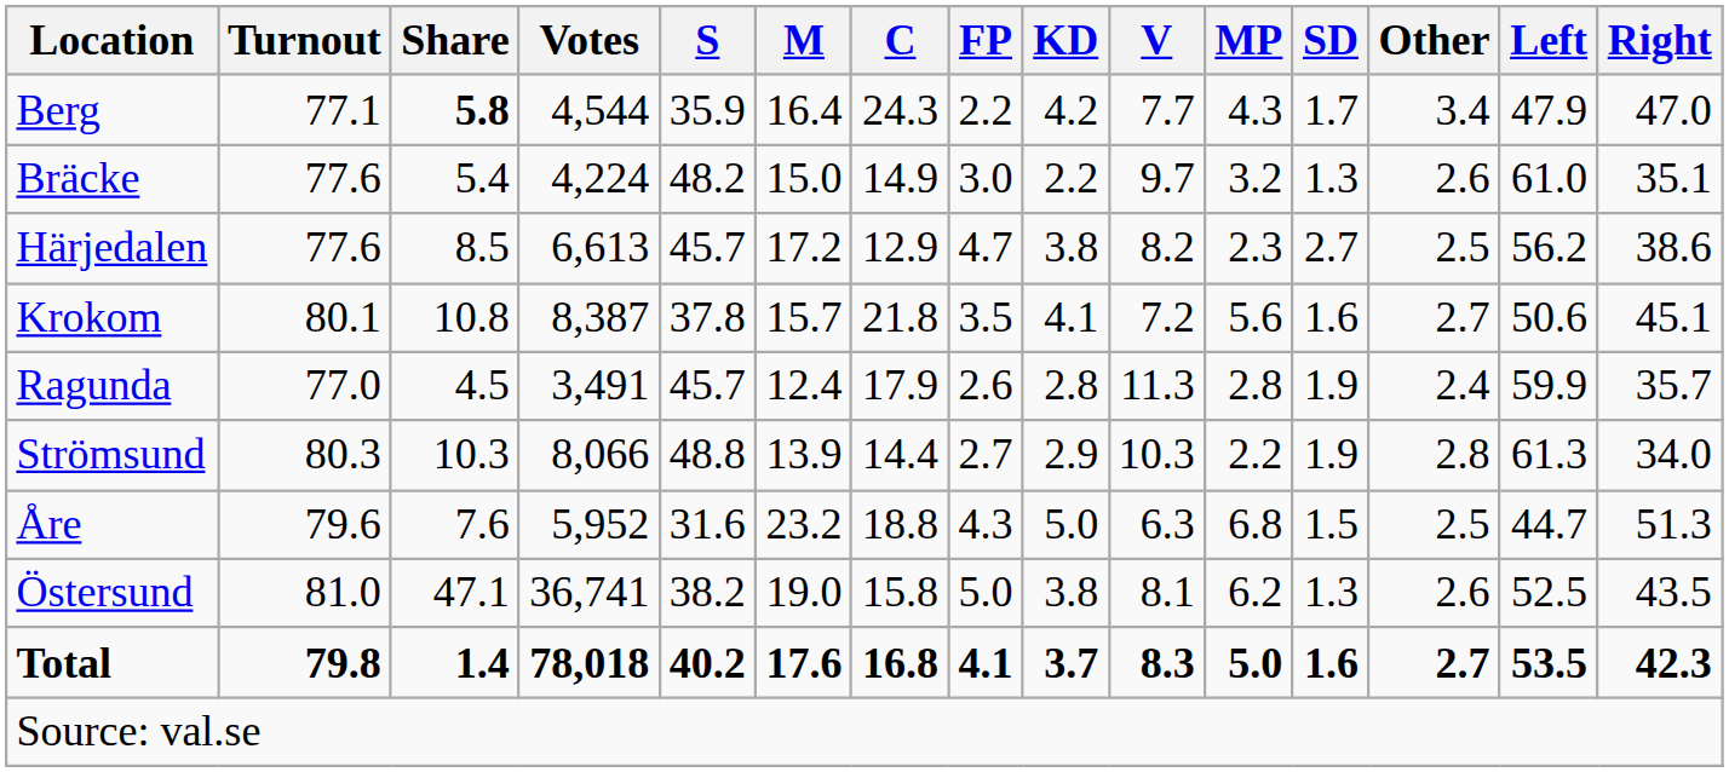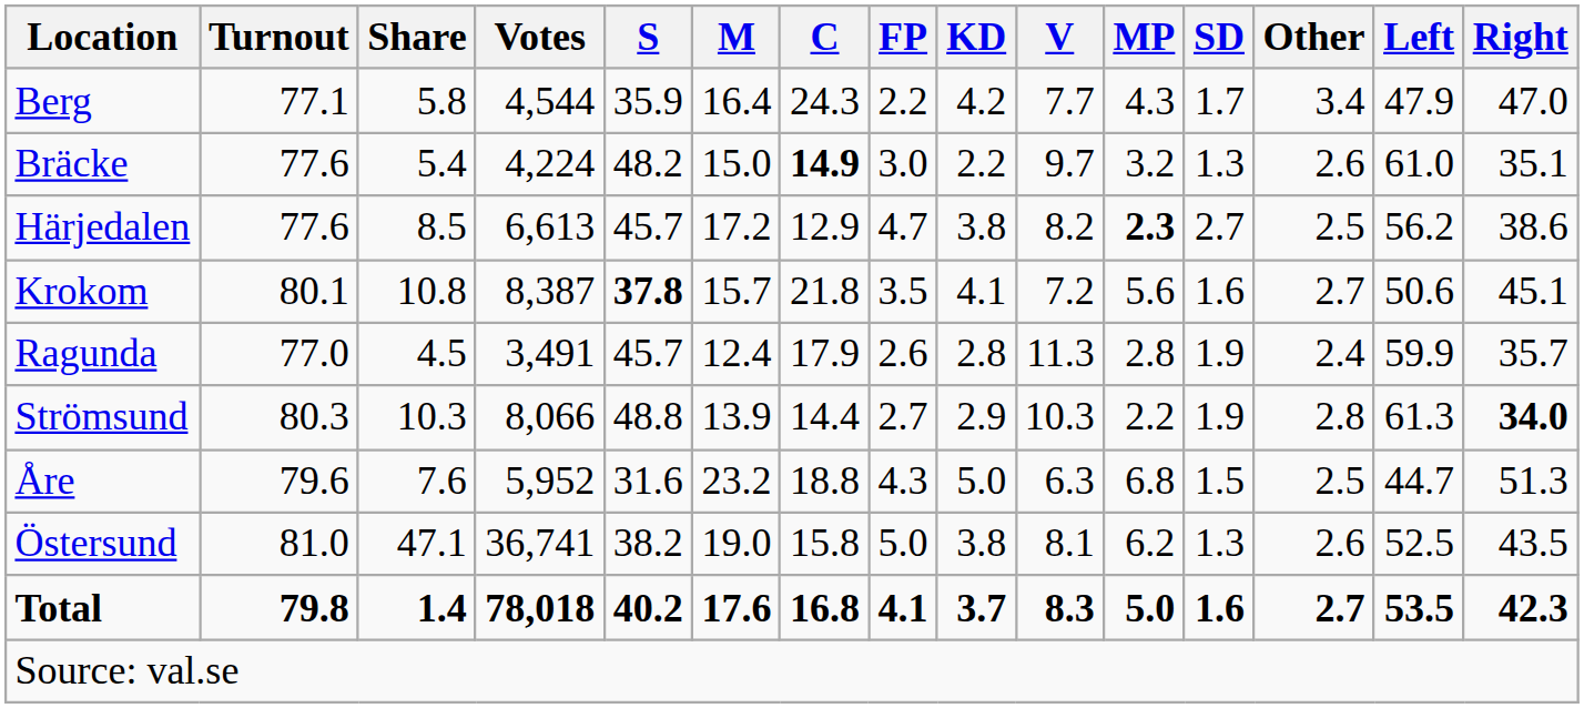 <table class="wikitable sortable" style=text-align:right>
 <tr>
 <th>Location</th>
 <th>Turnout</th>
 <th>Share</th>
 <th>Votes</th>
 <th><a href='#'>S</a></th>
 <th><a href='#'>M</a></th>
 <th><a href='#'>C</a></th>
 <th><a href='#'>FP</a></th>
 <th><a href='#'>KD</a></th>
 <th><a href='#'>V</a></th>
 <th><a href='#'>MP</a></th>
 <th><a href='#'>SD</a></th>
 <th>Other</th>
 <th><a href='#'>Left</a></th>
 <th><a href='#'>Right</a></th>
 </tr>
 <tr>
 <td align=left><a href='#'>Berg</a></td>
 <td>77.1</td>
-<td><strong>5.8</strong></td>
+<td>5.8</td>
 <td>4,544</td>
 <td>35.9</td>
 <td>16.4</td>
 <td>24.3</td>
 <td>2.2</td>
 <td>4.2</td>
 <td>7.7</td>
 <td>4.3</td>
 <td>1.7</td>
 <td>3.4</td>
 <td>47.9</td>
 <td>47.0</td>
 </tr>
 <tr>
 <td align=left><a href='#'>Bräcke</a></td>
 <td>77.6</td>
 <td>5.4</td>
 <td>4,224</td>
 <td>48.2</td>
 <td>15.0</td>
-<td>14.9</td>
+<td><strong>14.9</strong></td>
 <td>3.0</td>
 <td>2.2</td>
 <td>9.7</td>
 <td>3.2</td>
 <td>1.3</td>
 <td>2.6</td>
 <td>61.0</td>
 <td>35.1</td>
 </tr>
 <tr>
 <td align=left><a href='#'>Härjedalen</a></td>
 <td>77.6</td>
 <td>8.5</td>
 <td>6,613</td>
 <td>45.7</td>
 <td>17.2</td>
 <td>12.9</td>
 <td>4.7</td>
 <td>3.8</td>
 <td>8.2</td>
-<td>2.3</td>
+<td><strong>2.3</strong></td>
 <td>2.7</td>
 <td>2.5</td>
 <td>56.2</td>
 <td>38.6</td>
 </tr>
 <tr>
 <td align=left><a href='#'>Krokom</a></td>
 <td>80.1</td>
 <td>10.8</td>
 <td>8,387</td>
-<td>37.8</td>
+<td><strong>37.8</strong></td>
 <td>15.7</td>
 <td>21.8</td>
 <td>3.5</td>
 <td>4.1</td>
 <td>7.2</td>
 <td>5.6</td>
 <td>1.6</td>
 <td>2.7</td>
 <td>50.6</td>
 <td>45.1</td>
 </tr>
 <tr>
 <td align=left><a href='#'>Ragunda</a></td>
 <td>77.0</td>
 <td>4.5</td>
 <td>3,491</td>
 <td>45.7</td>
 <td>12.4</td>
 <td>17.9</td>
 <td>2.6</td>
 <td>2.8</td>
 <td>11.3</td>
 <td>2.8</td>
 <td>1.9</td>
 <td>2.4</td>
 <td>59.9</td>
 <td>35.7</td>
 </tr>
 <tr>
 <td align=left><a href='#'>Strömsund</a></td>
 <td>80.3</td>
 <td>10.3</td>
 <td>8,066</td>
 <td>48.8</td>
 <td>13.9</td>
 <td>14.4</td>
 <td>2.7</td>
 <td>2.9</td>
 <td>10.3</td>
 <td>2.2</td>
 <td>1.9</td>
 <td>2.8</td>
 <td>61.3</td>
-<td>34.0</td>
+<td><strong>34.0</strong></td>
 </tr>
 <tr>
 <td align=left><a href='#'>Åre</a></td>
 <td>79.6</td>
 <td>7.6</td>
 <td>5,952</td>
 <td>31.6</td>
 <td>23.2</td>
 <td>18.8</td>
 <td>4.3</td>
 <td>5.0</td>
 <td>6.3</td>
 <td>6.8</td>
 <td>1.5</td>
 <td>2.5</td>
 <td>44.7</td>
 <td>51.3</td>
 </tr>
 <tr>
 <td align=left><a href='#'>Östersund</a></td>
 <td>81.0</td>
 <td>47.1</td>
 <td>36,741</td>
 <td>38.2</td>
 <td>19.0</td>
 <td>15.8</td>
 <td>5.0</td>
 <td>3.8</td>
 <td>8.1</td>
 <td>6.2</td>
 <td>1.3</td>
 <td>2.6</td>
 <td>52.5</td>
 <td>43.5</td>
 </tr>
 <tr>
 <td align=left><strong>Total</strong></td>
 <td><strong>79.8</strong></td>
 <td><strong>1.4</strong></td>
 <td><strong>78,018</strong></td>
 <td><strong>40.2</strong></td>
 <td><strong>17.6</strong></td>
 <td><strong>16.8</strong></td>
 <td><strong>4.1</strong></td>
 <td><strong>3.7</strong></td>
 <td><strong>8.3</strong></td>
 <td><strong>5.0</strong></td>
 <td><strong>1.6</strong></td>
 <td><strong>2.7</strong></td>
 <td><strong>53.5</strong></td>
 <td><strong>42.3</strong></td>
 </tr>
 <tr>
 <td align=left colspan=15>Source: val.se </td>
 </tr>
 </table>
